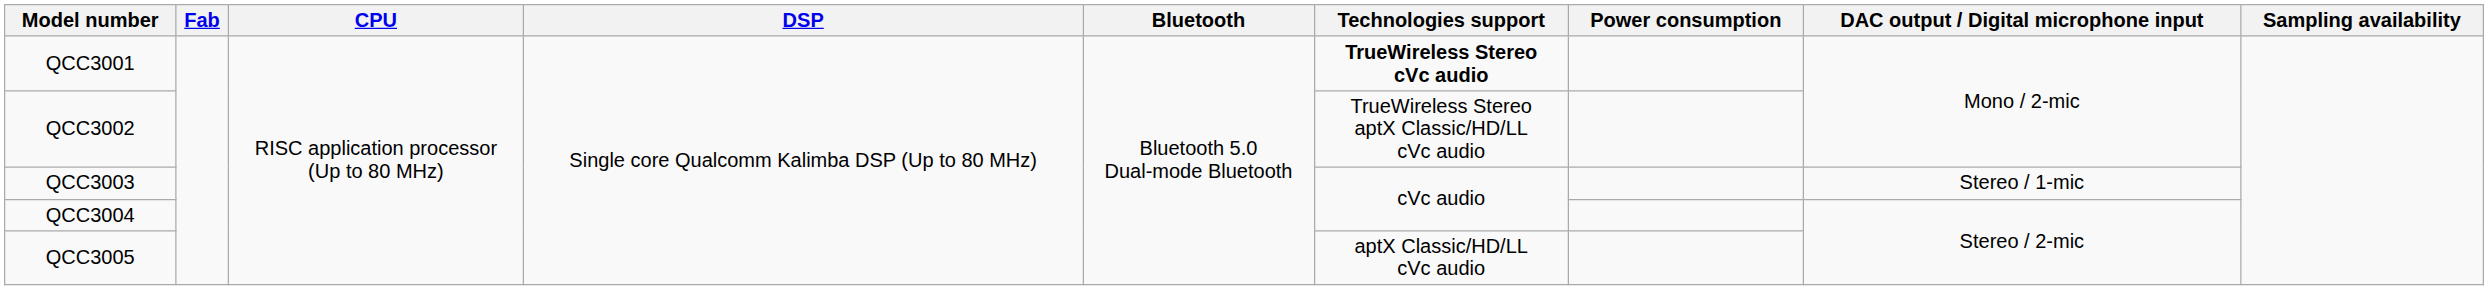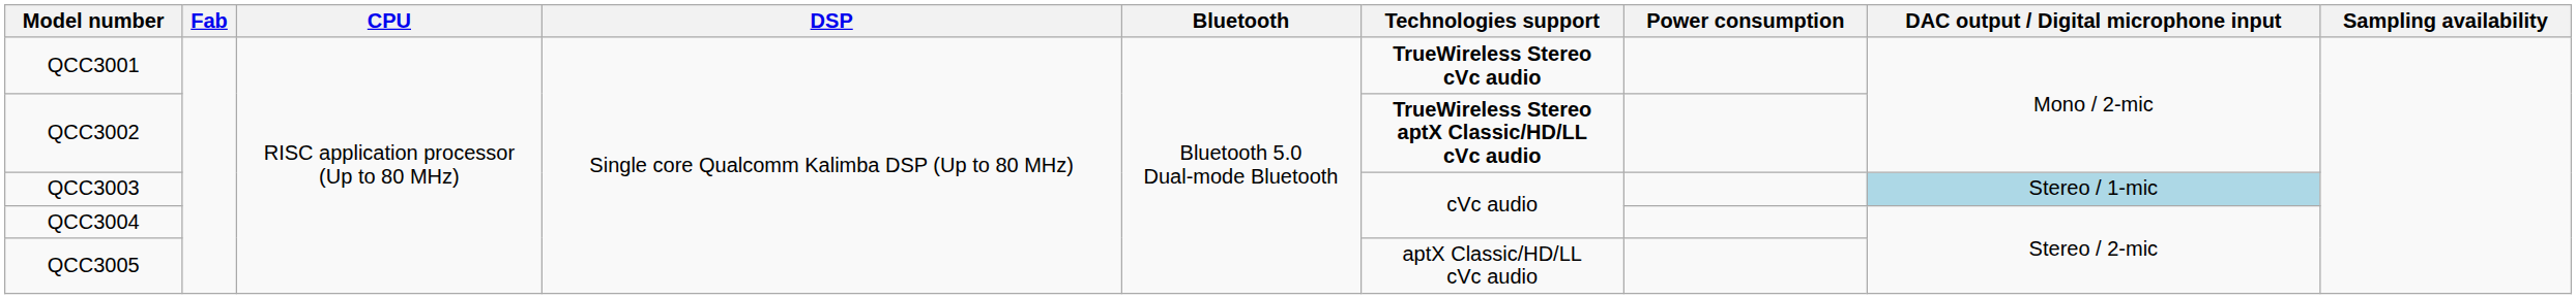 <table class="wikitable" style="width:100%; text-align:center">
 <tr>
 <th>Model number</th>
 <th><a href='#'>Fab</a></th>
 <th><a href='#'>CPU</a></th>
 <th><a href='#'>DSP</a></th>
 <th>Bluetooth</th>
 <th>Technologies support</th>
 <th>Power consumption</th>
 <th>DAC output / Digital microphone input</th>
 <th>Sampling availability</th>
 </tr>
 <tr>
 <td>QCC3001</td>
 <td rowspan="5"></td>
 <td rowspan="5">RISC application processor<br>(Up to 80 MHz)</td>
 <td rowspan="5">Single core Qualcomm Kalimba DSP (Up to 80 MHz)</td>
 <td rowspan="5">Bluetooth 5.0<br>Dual-mode Bluetooth</td>
 <td><strong>TrueWireless Stereo<br>cVc audio</strong></td>
 <td></td>
 <td rowspan="2">Mono / 2-mic</td>
 <td rowspan="5"></td>
 </tr>
 <tr>
 <td>QCC3002</td>
-<td>TrueWireless Stereo<br>aptX Classic/HD/LL<br>cVc audio</td>
+<td><strong>TrueWireless Stereo<br>aptX Classic/HD/LL<br>cVc audio</strong></td>
 <td></td>
 </tr>
 <tr>
 <td>QCC3003</td>
 <td rowspan="2">cVc audio</td>
 <td></td>
-<td>Stereo / 1-mic</td>
+<td style="background: lightblue;">Stereo / 1-mic</td>
 </tr>
 <tr>
 <td>QCC3004</td>
 <td></td>
 <td rowspan="2">Stereo / 2-mic</td>
 </tr>
 <tr>
 <td>QCC3005</td>
 <td>aptX Classic/HD/LL<br>cVc audio</td>
 <td></td>
 </tr>
 </table>
